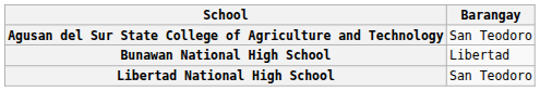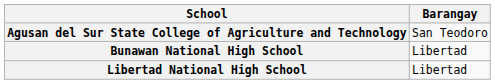 <table class="wikitable plainrowheaders" style="font-style:95%;">
 <tr>
 <th scope="col">School</th>
 <th scope="col">Barangay</th>
 </tr>
 <tr>
 <th scope="row">Agusan del Sur State College of Agriculture and Technology</th>
 <td>San Teodoro</td>
 </tr>
 <tr>
 <th scope="row">Bunawan National High School</th>
 <td>Libertad</td>
 </tr>
 <tr>
 <th scope="row">Libertad National High School</th>
-<td>San Teodoro</td>
+<td>Libertad</td>
 </tr>
 </table>
